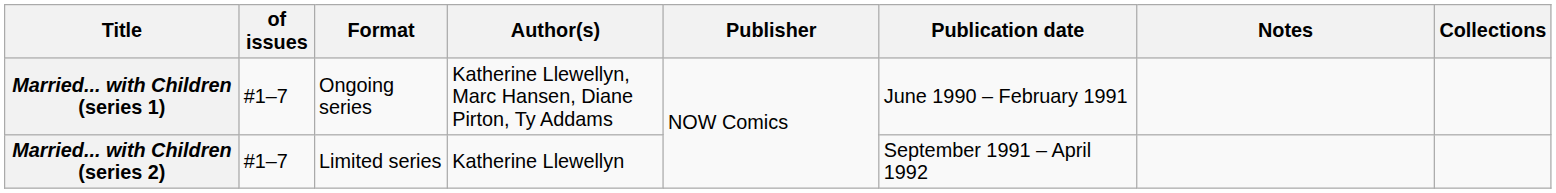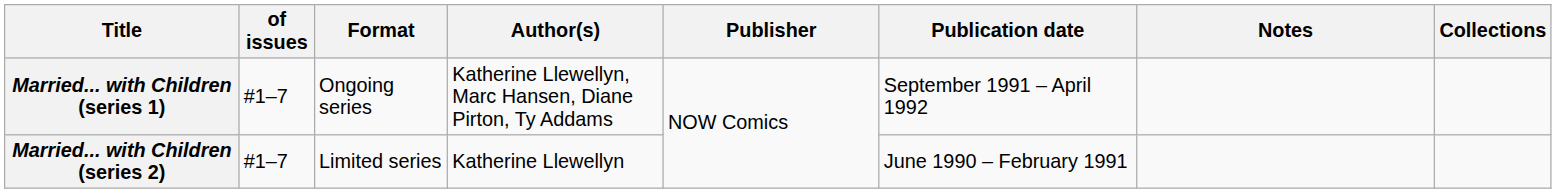 <table class="wikitable">
 <tr>
 <th>Title</th>
 <th style="width:40pt"> of issues</th>
 <th style="width:75pt">Format</th>
 <th style="width:125pt">Author(s)</th>
 <th style="width:125pt">Publisher</th>
 <th style="width:150pt">Publication date</th>
 <th style="width:175pt">Notes</th>
 <th>Collections</th>
 </tr>
 <tr>
 <th><em>Married... with Children</em> (series 1)</th>
 <td>#1–7</td>
 <td>Ongoing series</td>
 <td>Katherine Llewellyn, Marc Hansen, Diane Pirton, Ty Addams</td>
 <td rowspan="2">NOW Comics</td>
-<td>June 1990 – February 1991</td>
+<td>September 1991 – April 1992</td>
 <td></td>
 <td></td>
 </tr>
 <tr>
 <th><em>Married... with Children</em> (series 2)</th>
 <td>#1–7</td>
 <td>Limited series</td>
 <td>Katherine Llewellyn</td>
-<td>September 1991 – April 1992</td>
+<td>June 1990 – February 1991</td>
 <td></td>
 <td></td>
 </tr>
 </table>
